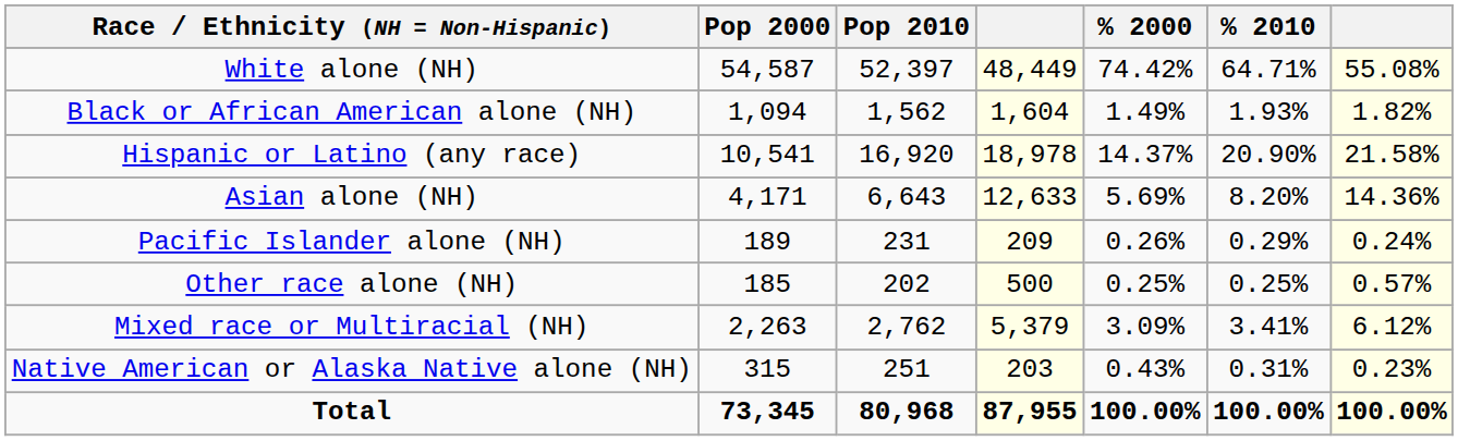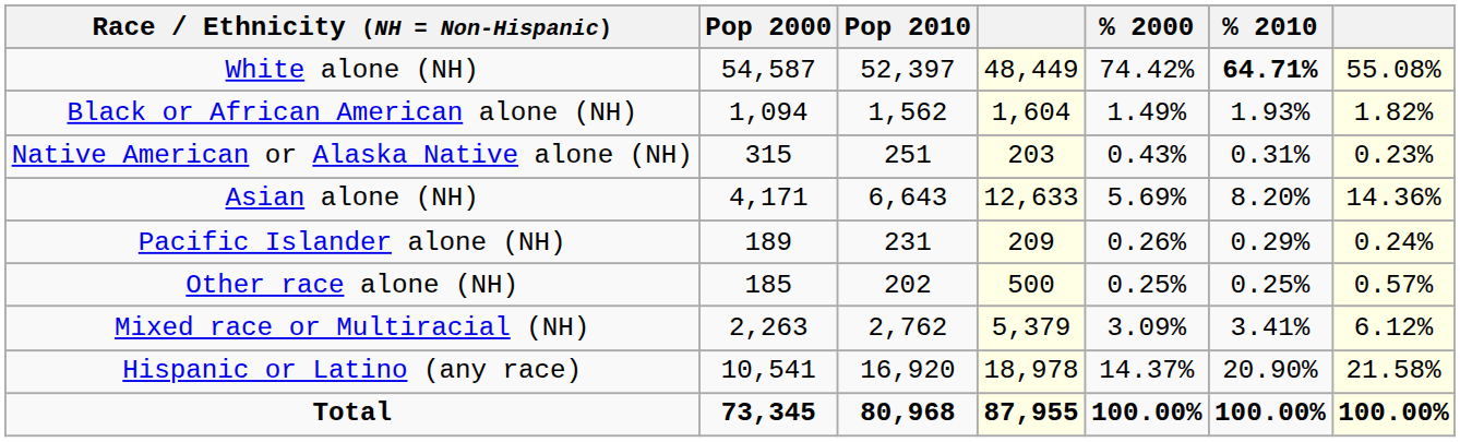 <table class="wikitable" style="text-align:center;">
 <tr>
 <th>Race / Ethnicity <small>(<em>NH = Non-Hispanic</em>)</small></th>
 <th>Pop 2000</th>
 <th>Pop 2010</th>
 <th></th>
 <th>% 2000</th>
 <th>% 2010</th>
 <th></th>
 </tr>
 <tr>
 <td><a href='#'>White</a> alone (NH)</td>
 <td>54,587</td>
 <td>52,397</td>
 <td style='background: #ffffe6;'>48,449</td>
 <td>74.42%</td>
-<td>64.71%</td>
+<td><strong>64.71%</strong></td>
 <td style='background: #ffffe6;'>55.08%</td>
 </tr>
 <tr>
 <td><a href='#'>Black or African American</a> alone (NH)</td>
 <td>1,094</td>
 <td>1,562</td>
 <td style='background: #ffffe6;'>1,604</td>
 <td>1.49%</td>
 <td>1.93%</td>
 <td style='background: #ffffe6;'>1.82%</td>
 </tr>
 <tr>
-<td><a href='#'>Hispanic or Latino</a> (any race)</td>
-<td>10,541</td>
-<td>16,920</td>
-<td style='background: #ffffe6;'>18,978</td>
-<td>14.37%</td>
-<td>20.90%</td>
-<td style='background: #ffffe6;'>21.58%</td>
+<td><a href='#'>Native American</a> or <a href='#'>Alaska Native</a> alone (NH)</td>
+<td>315</td>
+<td>251</td>
+<td style='background: #ffffe6;'>203</td>
+<td>0.43%</td>
+<td>0.31%</td>
+<td style='background: #ffffe6;'>0.23%</td>
 </tr>
 <tr>
 <td><a href='#'>Asian</a> alone (NH)</td>
 <td>4,171</td>
 <td>6,643</td>
 <td style='background: #ffffe6;'>12,633</td>
 <td>5.69%</td>
 <td>8.20%</td>
 <td style='background: #ffffe6;'>14.36%</td>
 </tr>
 <tr>
 <td><a href='#'>Pacific Islander</a> alone (NH)</td>
 <td>189</td>
 <td>231</td>
 <td style='background: #ffffe6;'>209</td>
 <td>0.26%</td>
 <td>0.29%</td>
 <td style='background: #ffffe6;'>0.24%</td>
 </tr>
 <tr>
 <td><a href='#'>Other race</a> alone (NH)</td>
 <td>185</td>
 <td>202</td>
 <td style='background: #ffffe6;'>500</td>
 <td>0.25%</td>
 <td>0.25%</td>
 <td style='background: #ffffe6;'>0.57%</td>
 </tr>
 <tr>
 <td><a href='#'>Mixed race or Multiracial</a> (NH)</td>
 <td>2,263</td>
 <td>2,762</td>
 <td style='background: #ffffe6;'>5,379</td>
 <td>3.09%</td>
 <td>3.41%</td>
 <td style='background: #ffffe6;'>6.12%</td>
 </tr>
 <tr>
-<td><a href='#'>Native American</a> or <a href='#'>Alaska Native</a> alone (NH)</td>
-<td>315</td>
-<td>251</td>
-<td style='background: #ffffe6;'>203</td>
-<td>0.43%</td>
-<td>0.31%</td>
-<td style='background: #ffffe6;'>0.23%</td>
+<td><a href='#'>Hispanic or Latino</a> (any race)</td>
+<td>10,541</td>
+<td>16,920</td>
+<td style='background: #ffffe6;'>18,978</td>
+<td>14.37%</td>
+<td>20.90%</td>
+<td style='background: #ffffe6;'>21.58%</td>
 </tr>
 <tr>
 <td><strong>Total</strong></td>
 <td><strong>73,345</strong></td>
 <td><strong>80,968</strong></td>
 <td style='background: #ffffe6;'><strong>87,955</strong></td>
 <td><strong>100.00%</strong></td>
 <td><strong>100.00%</strong></td>
 <td style='background: #ffffe6;'><strong>100.00%</strong></td>
 </tr>
 </table>
